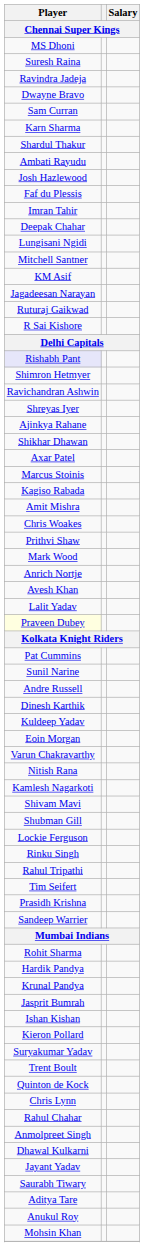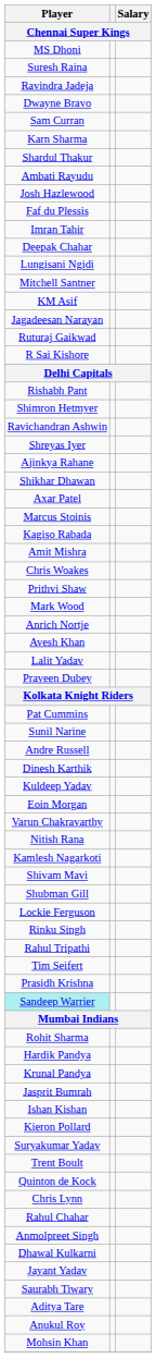 <table class="wikitable collapsible"  style="text-align:center">
 <tr>
 <th style="text-align:center;">Player</th>
 <th style="text-align:center;"></th>
 <th style="text-align:center;">Salary</th>
 </tr>
 <tr>
 <th colspan="5"><strong><a href='#'>Chennai Super Kings</a></strong></th>
 </tr>
 <tr>
 <td><a href='#'>MS Dhoni</a></td>
 <td></td>
 <td></td>
 </tr>
 <tr>
 <td><a href='#'>Suresh Raina</a></td>
 <td></td>
 <td></td>
 </tr>
 <tr>
 <td><a href='#'>Ravindra Jadeja</a></td>
 <td></td>
 <td></td>
 </tr>
 <tr>
 <td><a href='#'>Dwayne Bravo</a></td>
 <td></td>
 <td></td>
 </tr>
 <tr>
 <td><a href='#'>Sam Curran</a></td>
 <td></td>
 <td></td>
 </tr>
 <tr>
 <td><a href='#'>Karn Sharma</a></td>
 <td></td>
 <td></td>
 </tr>
 <tr>
 <td><a href='#'>Shardul Thakur</a></td>
 <td></td>
 <td></td>
 </tr>
 <tr>
 <td><a href='#'>Ambati Rayudu</a></td>
 <td></td>
 <td></td>
 </tr>
 <tr>
 <td><a href='#'>Josh Hazlewood</a></td>
 <td></td>
 <td></td>
 </tr>
 <tr>
 <td><a href='#'>Faf du Plessis</a></td>
 <td></td>
 <td></td>
 </tr>
 <tr>
 <td><a href='#'>Imran Tahir</a></td>
 <td></td>
 <td></td>
 </tr>
 <tr>
 <td><a href='#'>Deepak Chahar</a></td>
 <td></td>
 <td></td>
 </tr>
 <tr>
 <td><a href='#'>Lungisani Ngidi</a></td>
 <td></td>
 <td></td>
 </tr>
 <tr>
 <td><a href='#'>Mitchell Santner</a></td>
 <td></td>
 <td></td>
 </tr>
 <tr>
 <td><a href='#'>KM Asif</a></td>
 <td></td>
 <td></td>
 </tr>
 <tr>
 <td><a href='#'>Jagadeesan Narayan</a></td>
 <td></td>
 <td></td>
 </tr>
 <tr>
 <td><a href='#'>Ruturaj Gaikwad</a></td>
 <td></td>
 <td></td>
 </tr>
 <tr>
 <td><a href='#'>R Sai Kishore</a></td>
 <td></td>
 <td></td>
 </tr>
 <tr>
 <th colspan="5"><strong><a href='#'>Delhi Capitals</a></strong></th>
 </tr>
 <tr>
-<td style="background: lavender;"><a href='#'>Rishabh Pant</a></td>
+<td><a href='#'>Rishabh Pant</a></td>
 <td></td>
 <td></td>
 </tr>
 <tr>
 <td><a href='#'>Shimron Hetmyer</a></td>
 <td></td>
 <td></td>
 </tr>
 <tr>
 <td><a href='#'>Ravichandran Ashwin</a></td>
 <td></td>
 <td></td>
 </tr>
 <tr>
 <td><a href='#'>Shreyas Iyer</a></td>
 <td></td>
 <td></td>
 </tr>
 <tr>
 <td><a href='#'>Ajinkya Rahane</a></td>
 <td></td>
 <td></td>
 </tr>
 <tr>
 <td><a href='#'>Shikhar Dhawan</a></td>
 <td></td>
 <td></td>
 </tr>
 <tr>
 <td><a href='#'>Axar Patel</a></td>
 <td></td>
 <td></td>
 </tr>
 <tr>
 <td><a href='#'>Marcus Stoinis</a></td>
 <td></td>
 <td></td>
 </tr>
 <tr>
 <td><a href='#'>Kagiso Rabada</a></td>
 <td></td>
 <td></td>
 </tr>
 <tr>
 <td><a href='#'>Amit Mishra</a></td>
 <td></td>
 <td></td>
 </tr>
 <tr>
 <td><a href='#'>Chris Woakes</a></td>
 <td></td>
 <td></td>
 </tr>
 <tr>
 <td><a href='#'>Prithvi Shaw</a></td>
 <td></td>
 <td></td>
 </tr>
 <tr>
 <td><a href='#'>Mark Wood</a></td>
 <td></td>
 <td></td>
 </tr>
 <tr>
 <td><a href='#'>Anrich Nortje</a> </td>
 <td></td>
 <td></td>
 </tr>
 <tr>
 <td><a href='#'>Avesh Khan</a></td>
 <td></td>
 <td></td>
 </tr>
 <tr>
 <td><a href='#'>Lalit Yadav</a></td>
 <td></td>
 <td></td>
 </tr>
 <tr>
-<td style="background: lightyellow;"><a href='#'>Praveen Dubey</a></td>
+<td><a href='#'>Praveen Dubey</a></td>
 <td></td>
 <td></td>
 </tr>
 <tr>
 <th colspan="5"><strong><a href='#'>Kolkata Knight Riders</a></strong></th>
 </tr>
 <tr>
 <td><a href='#'>Pat Cummins</a></td>
 <td></td>
 <td></td>
 </tr>
 <tr>
 <td><a href='#'>Sunil Narine</a></td>
 <td></td>
 <td></td>
 </tr>
 <tr>
 <td><a href='#'>Andre Russell</a></td>
 <td></td>
 <td></td>
 </tr>
 <tr>
 <td><a href='#'>Dinesh Karthik</a></td>
 <td></td>
 <td></td>
 </tr>
 <tr>
 <td><a href='#'>Kuldeep Yadav</a></td>
 <td></td>
 <td></td>
 </tr>
 <tr>
 <td><a href='#'>Eoin Morgan</a></td>
 <td></td>
 <td></td>
 </tr>
 <tr>
 <td><a href='#'>Varun Chakravarthy</a></td>
 <td></td>
 <td></td>
 </tr>
 <tr>
 <td><a href='#'>Nitish Rana</a></td>
 <td></td>
 <td></td>
 </tr>
 <tr>
 <td><a href='#'>Kamlesh Nagarkoti</a></td>
 <td></td>
 <td></td>
 </tr>
 <tr>
 <td><a href='#'>Shivam Mavi</a></td>
 <td></td>
 <td></td>
 </tr>
 <tr>
 <td><a href='#'>Shubman Gill</a></td>
 <td></td>
 <td></td>
 </tr>
 <tr>
 <td><a href='#'>Lockie Ferguson</a></td>
 <td></td>
 <td></td>
 </tr>
 <tr>
 <td><a href='#'>Rinku Singh</a></td>
 <td></td>
 <td></td>
 </tr>
 <tr>
 <td><a href='#'>Rahul Tripathi</a></td>
 <td></td>
 <td></td>
 </tr>
 <tr>
 <td><a href='#'>Tim Seifert</a> </td>
 <td></td>
 <td></td>
 </tr>
 <tr>
 <td><a href='#'>Prasidh Krishna</a></td>
 <td></td>
 <td></td>
 </tr>
 <tr>
-<td><a href='#'>Sandeep Warrier</a></td>
+<td style="background: paleturquoise;"><a href='#'>Sandeep Warrier</a></td>
 <td></td>
 <td></td>
 </tr>
 <tr>
 <th colspan="5"><strong><a href='#'>Mumbai Indians</a></strong></th>
 </tr>
 <tr>
 <td><a href='#'>Rohit Sharma</a></td>
 <td></td>
 <td></td>
 </tr>
 <tr>
 <td><a href='#'>Hardik Pandya</a></td>
 <td></td>
 <td></td>
 </tr>
 <tr>
 <td><a href='#'>Krunal Pandya</a></td>
 <td></td>
 <td></td>
 </tr>
 <tr>
 <td><a href='#'>Jasprit Bumrah</a></td>
 <td></td>
 <td></td>
 </tr>
 <tr>
 <td><a href='#'>Ishan Kishan</a></td>
 <td></td>
 <td></td>
 </tr>
 <tr>
 <td><a href='#'>Kieron Pollard</a></td>
 <td></td>
 <td></td>
 </tr>
 <tr>
 <td><a href='#'>Suryakumar Yadav</a></td>
 <td></td>
 <td></td>
 </tr>
 <tr>
 <td><a href='#'>Trent Boult</a></td>
 <td></td>
 <td></td>
 </tr>
 <tr>
 <td><a href='#'>Quinton de Kock</a></td>
 <td></td>
 <td></td>
 </tr>
 <tr>
 <td><a href='#'>Chris Lynn</a></td>
 <td></td>
 <td></td>
 </tr>
 <tr>
 <td><a href='#'>Rahul Chahar</a></td>
 <td></td>
 <td></td>
 </tr>
 <tr>
 <td><a href='#'>Anmolpreet Singh</a></td>
 <td></td>
 <td></td>
 </tr>
 <tr>
 <td><a href='#'>Dhawal Kulkarni</a></td>
 <td></td>
 <td></td>
 </tr>
 <tr>
 <td><a href='#'>Jayant Yadav</a></td>
 <td></td>
 <td></td>
 </tr>
 <tr>
 <td><a href='#'>Saurabh Tiwary</a></td>
 <td></td>
 <td></td>
 </tr>
 <tr>
 <td><a href='#'>Aditya Tare</a></td>
 <td></td>
 <td></td>
 </tr>
 <tr>
 <td><a href='#'>Anukul Roy</a></td>
 <td></td>
 <td></td>
 </tr>
 <tr>
 <td><a href='#'>Mohsin Khan</a></td>
 <td></td>
 <td></td>
 </tr>
 <tr>
 </tr>
 <tr>
 </tr>
 </table>
